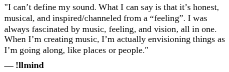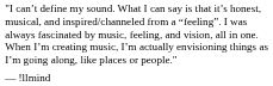 <table class="toccolours" style="float: right; margin-left: 1em; margin-right: 2em; font-size: 85%; background:offwhite; color:black; width:30em; max-width: 40%;" cellspacing="5">
 <tr>
 <td style="text-align: left;">"I can’t define my sound. What I can say is that it’s honest, musical, and inspired/channeled from a “feeling”. I was always fascinated by music, feeling, and vision, all in one. When I’m creating music, I’m actually envisioning things as I’m going along, like places or people."</td>
 </tr>
 <tr>
-<td style="text-align: left;"><strong>— !llmind</strong></td>
+<td style="text-align: left;">— !llmind</td>
 </tr>
 </table>
